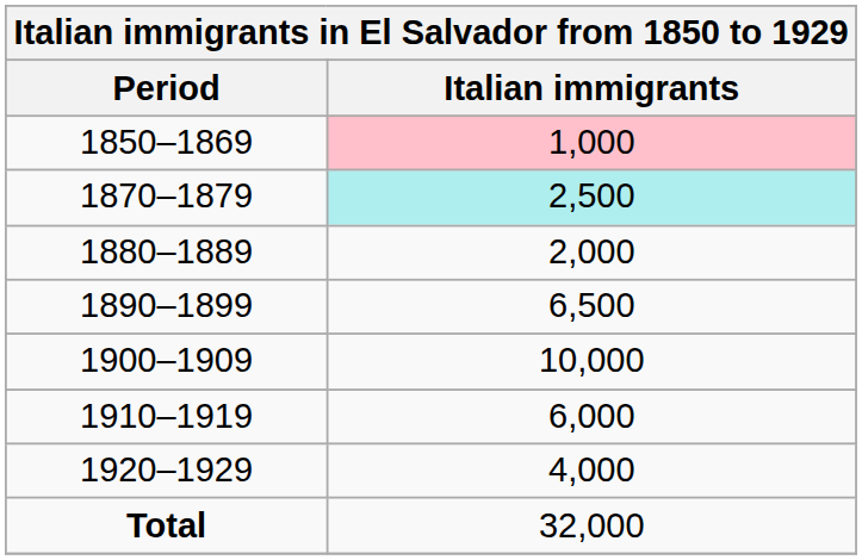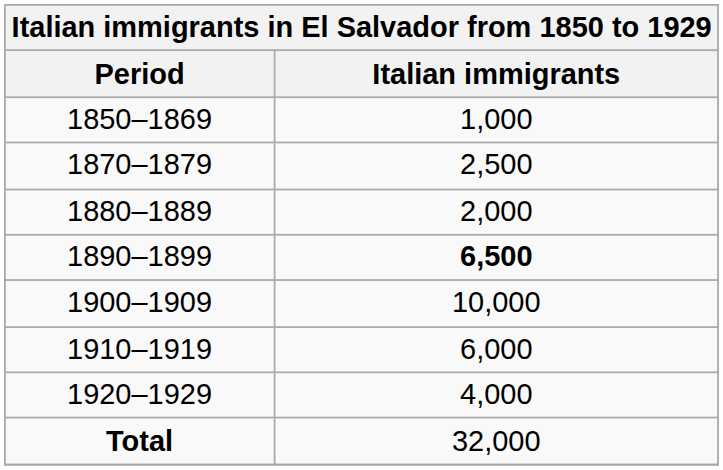 <table class="wikitable" style="text-align:center;">
 <tr>
 <th colspan=5>Italian immigrants in El Salvador from 1850 to 1929</th>
 </tr>
 <tr>
 <th>Period</th>
 <th>Italian immigrants</th>
 </tr>
 <tr>
 <td>1850–1869</td>
-<td style="background: pink;">1,000</td>
+<td>1,000</td>
 </tr>
 <tr>
 <td>1870–1879</td>
-<td style="background: paleturquoise;">2,500</td>
+<td>2,500</td>
 </tr>
 <tr>
 <td>1880–1889</td>
 <td>2,000</td>
 </tr>
 <tr>
 <td>1890–1899</td>
-<td>6,500</td>
+<td><strong>6,500</strong></td>
 </tr>
 <tr>
 <td>1900–1909</td>
 <td>10,000</td>
 </tr>
 <tr>
 <td>1910–1919</td>
 <td>6,000</td>
 </tr>
 <tr>
 <td>1920–1929</td>
 <td>4,000</td>
 </tr>
 <tr>
 <td><strong>Total</strong></td>
 <td>32,000</td>
 </tr>
 <tr>
 </tr>
 </table>
